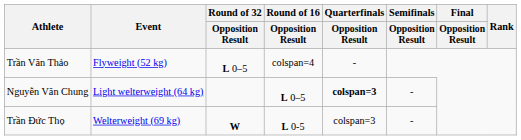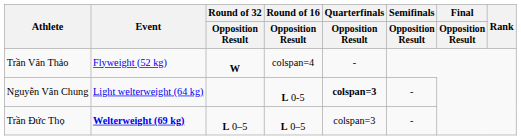 <table class=wikitable style=font-size:90%;text-align:center>
 <tr>
 <th rowspan=2>Athlete</th>
 <th rowspan=2>Event</th>
 <th>Round of 32</th>
 <th>Round of 16</th>
 <th>Quarterfinals</th>
 <th>Semifinals</th>
 <th>Final</th>
 <th rowspan=2>Rank</th>
 </tr>
 <tr style="font-size:95%">
 <th>Opposition<br>Result</th>
 <th>Opposition<br>Result</th>
 <th>Opposition<br>Result</th>
 <th>Opposition<br>Result</th>
 <th>Opposition<br>Result</th>
 </tr>
 <tr>
 <td align=left>Trần Văn Thảo</td>
 <td align=left><a href='#'>Flyweight (52 kg)</a></td>
-<td><br><strong>L</strong> 0–5</td>
+<td><br><strong>W</strong> <a href='#'></a></td>
 <td>colspan=4</td>
 <td>-</td>
 </tr>
 <tr>
 <td align=left>Nguyễn Văn Chung</td>
 <td align=left><a href='#'>Light welterweight (64 kg)</a></td>
 <td></td>
-<td><br><strong>L</strong> 0–5</td>
+<td><br><strong>L</strong> 0-5</td>
 <td><strong>colspan=3</strong></td>
 <td>-</td>
 </tr>
 <tr>
 <td align=left>Trần Đức Thọ</td>
-<td align=left><a href='#'>Welterweight (69 kg)</a></td>
-<td><br><strong>W</strong> <a href='#'></a></td>
-<td><br><strong>L</strong> 0-5</td>
+<td align=left><strong><a href='#'>Welterweight (69 kg)</a></strong></td>
+<td><br><strong>L</strong> 0–5</td>
+<td><br><strong>L</strong> 0–5</td>
 <td>colspan=3</td>
 <td>-</td>
 </tr>
 </table>
